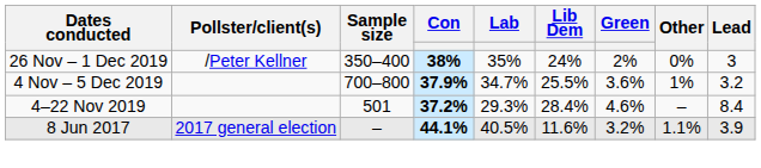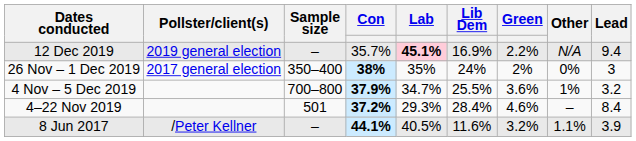 <table class="wikitable sortable mw-datatable" style="text-align:center;line-height:14px;">
 <tr>
 <th rowspan="2">Dates<br>conducted</th>
 <th rowspan="2">Pollster/client(s)</th>
 <th rowspan="2" data-sort-type="number">Sample<br>size</th>
 <th class="unsortable" style="width:50px;"><a href='#'>Con</a></th>
 <th class="unsortable" style="width:50px;"><a href='#'>Lab</a></th>
 <th class="unsortable" style="width:50px;"><a href='#'>Lib Dem</a></th>
 <th class="unsortable" style="width:50px;"><a href='#'>Green</a></th>
 <th rowspan="2" class="unsortable">Other</th>
 <th rowspan="2" data-sort-type="number">Lead</th>
 </tr>
 <tr>
 <th data-sort-type="number" style="background:"></th>
 <th data-sort-type="number" style="background:"></th>
 <th data-sort-type="number" style="background:"></th>
 <th data-sort-type="number" style="background:"></th>
 </tr>
+<tr style="background:#E9E9E9;">
+<td data-sort-value="2017-06-08">12 Dec 2019</td>
+<td><a href='#'>2019 general election</a></td>
+<td>–</td>
+<td>35.7%</td>
+<td style="background:#FFCCD9;"><strong>45.1%</strong></td>
+<td>16.9%</td>
+<td>2.2%</td>
+<td><em>N/A</em></td>
+<td style="background:">9.4</td>
+</tr>
 <tr>
 <td data-sort-value="2019-10-21">26 Nov – 1 Dec 2019</td>
-<td>/<a href='#'>Peter Kellner</a></td>
+<td><a href='#'>2017 general election</a></td>
 <td>350–400</td>
 <td style="background:#CCEBFF;"><strong>38%</strong></td>
 <td>35%</td>
 <td>24%</td>
 <td>2%</td>
 <td>0%</td>
 <td style="background:">3</td>
 </tr>
 <tr>
 <td data-sort-value="2019-10-21">4 Nov – 5 Dec 2019</td>
 <td></td>
 <td>700–800</td>
 <td style="background:#CCEBFF;"><strong>37.9%</strong></td>
 <td>34.7%</td>
 <td>25.5%</td>
 <td>3.6%</td>
 <td>1%</td>
 <td style="background:">3.2</td>
 </tr>
 <tr>
 <td data-sort-value="2019-10-21">4–22 Nov 2019</td>
 <td></td>
 <td>501</td>
 <td style="background:#CCEBFF;"><strong>37.2%</strong></td>
 <td>29.3%</td>
 <td>28.4%</td>
 <td>4.6%</td>
 <td>–</td>
 <td style="background:">8.4</td>
 </tr>
 <tr style="background:#E9E9E9;">
 <td data-sort-value="2017-06-08">8 Jun 2017</td>
-<td><a href='#'>2017 general election</a></td>
+<td>/<a href='#'>Peter Kellner</a></td>
 <td>–</td>
 <td style="background:#CCEBFF;"><strong>44.1%</strong></td>
 <td>40.5%</td>
 <td>11.6%</td>
 <td>3.2%</td>
 <td>1.1%</td>
 <td style="background:">3.9</td>
 </tr>
 </table>
